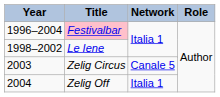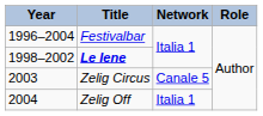 <table class="wikitable">
 <tr>
 <th style="background:#B0C4DE;">Year</th>
 <th style="background:#B0C4DE;">Title</th>
 <th style="background:#B0C4DE;">Network</th>
 <th style="background:#B0C4DE;">Role</th>
 </tr>
 <tr>
 <td>1996–2004</td>
-<td style="background: pink;"><em><a href='#'>Festivalbar</a></em></td>
+<td><em><a href='#'>Festivalbar</a></em></td>
 <td rowspan="3"><a href='#'>Italia 1</a></td>
 <td rowspan="5">Author</td>
 </tr>
 <tr>
 <td>1998–2002</td>
-<td><em><a href='#'>Le Iene</a></em></td>
+<td><strong><em><a href='#'>Le Iene</a></em></strong></td>
 </tr>
 <tr>
 <td rowspan="2">2003</td>
 <td rowspan="2"><em>Zelig Circus</em></td>
 </tr>
 <tr>
 <td><a href='#'>Canale 5</a></td>
 </tr>
 <tr>
 <td>2004</td>
 <td><em>Zelig Off</em></td>
 <td><a href='#'>Italia 1</a></td>
 </tr>
 </table>
